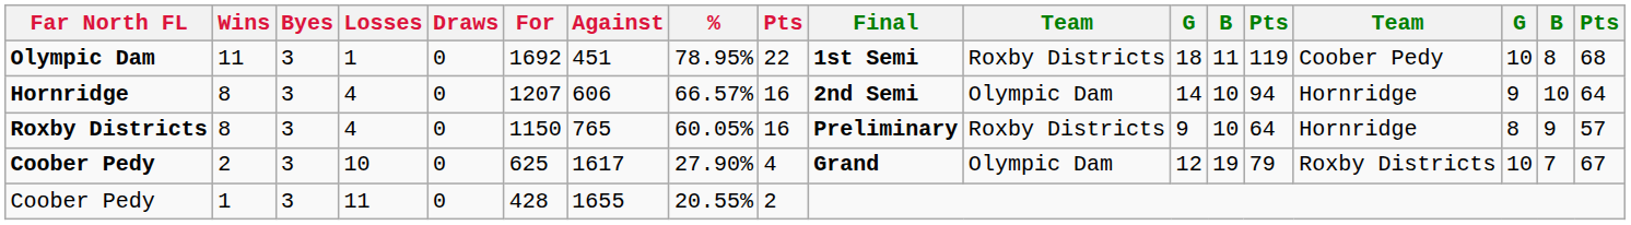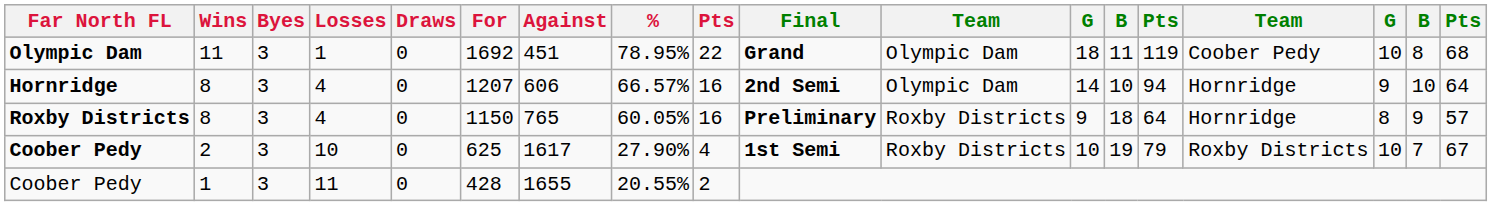 <table class="wikitable">
 <tr>
 <th style="color:crimson">Far North FL</th>
 <th style="color:crimson">Wins</th>
 <th style="color:crimson">Byes</th>
 <th style="color:crimson">Losses</th>
 <th style="color:crimson">Draws</th>
 <th style="color:crimson">For</th>
 <th style="color:crimson">Against</th>
 <th style="color:crimson">%</th>
 <th style="color:crimson">Pts</th>
 <th style="color:green">Final</th>
 <th style="color:green">Team</th>
 <th style="color:green">G</th>
 <th style="color:green">B</th>
 <th style="color:green">Pts</th>
 <th style="color:green">Team</th>
 <th style="color:green">G</th>
 <th style="color:green">B</th>
 <th style="color:green">Pts</th>
 </tr>
 <tr>
 <td><strong>	Olympic Dam	</strong></td>
 <td>11</td>
 <td>3</td>
 <td>1</td>
 <td>0</td>
 <td>1692</td>
 <td>451</td>
 <td>78.95%</td>
 <td>22</td>
-<td><strong>1st Semi</strong></td>
-<td>Roxby Districts</td>
+<td><strong>Grand</strong></td>
+<td>Olympic Dam</td>
 <td>18</td>
 <td>11</td>
 <td>119</td>
 <td>Coober Pedy</td>
 <td>10</td>
 <td>8</td>
 <td>68</td>
 </tr>
 <tr>
 <td><strong>	Hornridge	</strong></td>
 <td>8</td>
 <td>3</td>
 <td>4</td>
 <td>0</td>
 <td>1207</td>
 <td>606</td>
 <td>66.57%</td>
 <td>16</td>
 <td><strong>2nd Semi</strong></td>
 <td>Olympic Dam</td>
 <td>14</td>
 <td>10</td>
 <td>94</td>
 <td>Hornridge</td>
 <td>9</td>
 <td>10</td>
 <td>64</td>
 </tr>
 <tr>
 <td><strong>	Roxby Districts	</strong></td>
 <td>8</td>
 <td>3</td>
 <td>4</td>
 <td>0</td>
 <td>1150</td>
 <td>765</td>
 <td>60.05%</td>
 <td>16</td>
 <td><strong>Preliminary</strong></td>
 <td>Roxby Districts</td>
 <td>9</td>
-<td>10</td>
+<td>18</td>
 <td>64</td>
 <td>Hornridge</td>
 <td>8</td>
 <td>9</td>
 <td>57</td>
 </tr>
 <tr>
 <td><strong>	Coober Pedy	</strong></td>
 <td>2</td>
 <td>3</td>
 <td>10</td>
 <td>0</td>
 <td>625</td>
 <td>1617</td>
 <td>27.90%</td>
 <td>4</td>
-<td><strong>Grand</strong></td>
-<td>Olympic Dam</td>
-<td>12</td>
+<td><strong>1st Semi</strong></td>
+<td>Roxby Districts</td>
+<td>10</td>
 <td>19</td>
 <td>79</td>
 <td>Roxby Districts</td>
 <td>10</td>
 <td>7</td>
 <td>67</td>
 </tr>
 <tr>
 <td>Coober Pedy</td>
 <td>1</td>
 <td>3</td>
 <td>11</td>
 <td>0</td>
 <td>428</td>
 <td>1655</td>
 <td>20.55%</td>
 <td>2</td>
 </tr>
 </table>
